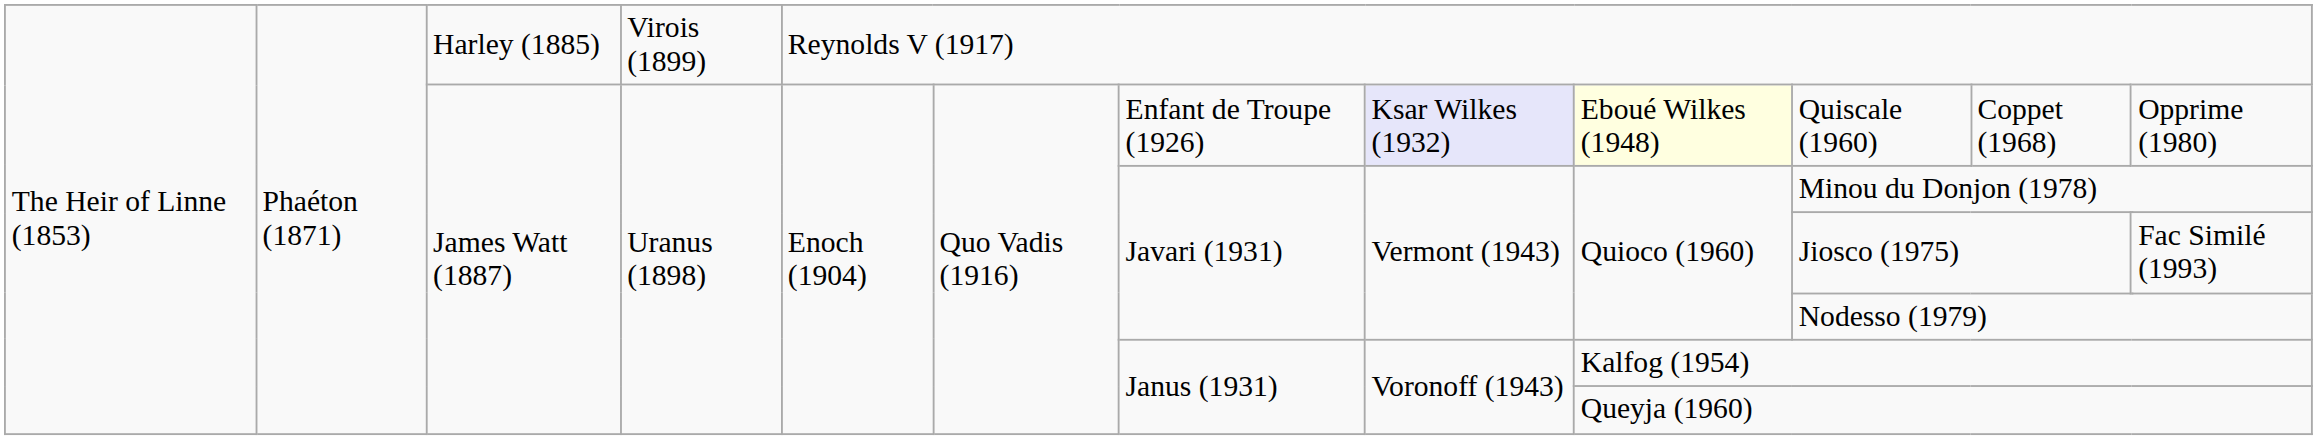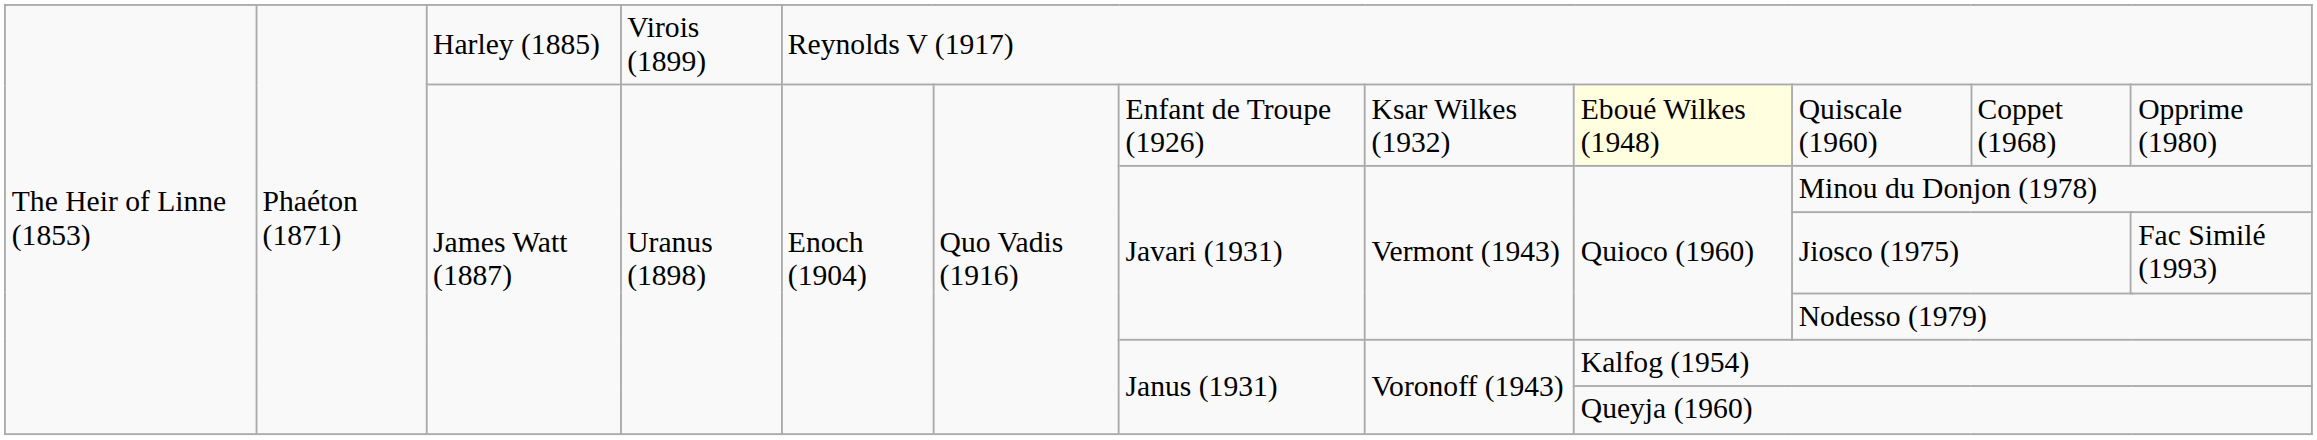 <table class="wikitable">
 <tr>
 <td rowspan="7">The Heir of Linne (1853)</td>
 <td rowspan="7">Phaéton (1871)</td>
 <td>Harley (1885)</td>
 <td>Virois (1899)</td>
 <td colspan="9">Reynolds V (1917)</td>
 </tr>
 <tr>
 <td rowspan="6">James Watt (1887)</td>
 <td rowspan="6">Uranus (1898)</td>
 <td rowspan="6">Enoch (1904)</td>
 <td rowspan="6">Quo Vadis (1916)</td>
 <td>Enfant  de Troupe (1926)</td>
-<td style="background: lavender;">Ksar Wilkes (1932)</td>
+<td>Ksar Wilkes (1932)</td>
 <td style="background: lightyellow;">Eboué Wilkes (1948)</td>
 <td>Quiscale (1960)</td>
 <td>Coppet (1968)</td>
 <td colspan="2">Opprime (1980)</td>
 </tr>
 <tr>
 <td rowspan="3">Javari (1931)</td>
 <td rowspan="3">Vermont (1943)</td>
 <td rowspan="3">Quioco (1960)</td>
 <td colspan="4">Minou du Donjon (1978)</td>
 </tr>
 <tr>
 <td colspan="3">Jiosco (1975)</td>
 <td>Fac Similé<br>(1993)</td>
 </tr>
 <tr>
 <td colspan="4">Nodesso (1979)</td>
 </tr>
 <tr>
 <td rowspan="2">Janus (1931)</td>
 <td rowspan="2">Voronoff (1943)</td>
 <td colspan="5">Kalfog (1954)</td>
 </tr>
 <tr>
 <td colspan="5">Queyja (1960)</td>
 </tr>
 </table>
